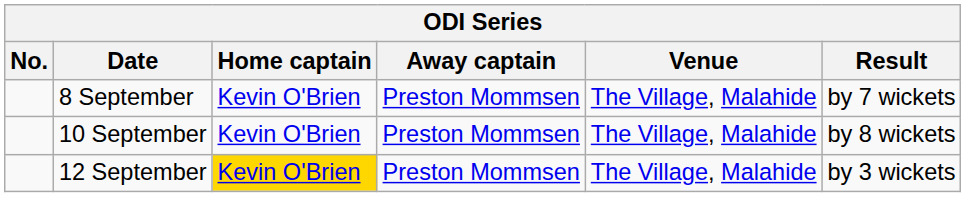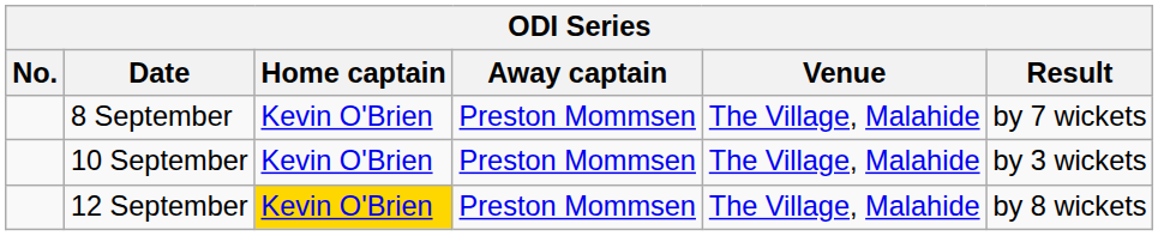 <table class="wikitable">
 <tr>
 <th colspan="9">ODI Series</th>
 </tr>
 <tr>
 <th>No.</th>
 <th>Date</th>
 <th>Home captain</th>
 <th>Away captain</th>
 <th>Venue</th>
 <th>Result</th>
 </tr>
 <tr>
 <td></td>
 <td>8 September</td>
 <td><a href='#'>Kevin O'Brien</a></td>
 <td><a href='#'>Preston Mommsen</a></td>
 <td><a href='#'>The Village</a>, <a href='#'>Malahide</a></td>
 <td> by 7 wickets</td>
 </tr>
 <tr>
 <td></td>
 <td>10 September</td>
 <td><a href='#'>Kevin O'Brien</a></td>
 <td><a href='#'>Preston Mommsen</a></td>
 <td><a href='#'>The Village</a>, <a href='#'>Malahide</a></td>
-<td> by 8 wickets</td>
+<td> by 3 wickets</td>
 </tr>
 <tr>
 <td></td>
 <td>12 September</td>
 <td style="background: gold;"><a href='#'>Kevin O'Brien</a></td>
 <td><a href='#'>Preston Mommsen</a></td>
 <td><a href='#'>The Village</a>, <a href='#'>Malahide</a></td>
-<td> by 3 wickets</td>
+<td> by 8 wickets</td>
 </tr>
 </table>
